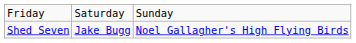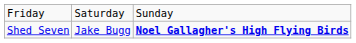 <table class="wikitable">
 <tr>
 <td>Friday</td>
 <td>Saturday</td>
 <td>Sunday</td>
 </tr>
 <tr valign="top">
 <td><a href='#'>Shed Seven</a></td>
 <td><a href='#'>Jake Bugg</a></td>
-<td><a href='#'>Noel Gallagher's High Flying Birds</a></td>
+<td><strong><a href='#'>Noel Gallagher's High Flying Birds</a></strong></td>
 </tr>
 </table>
